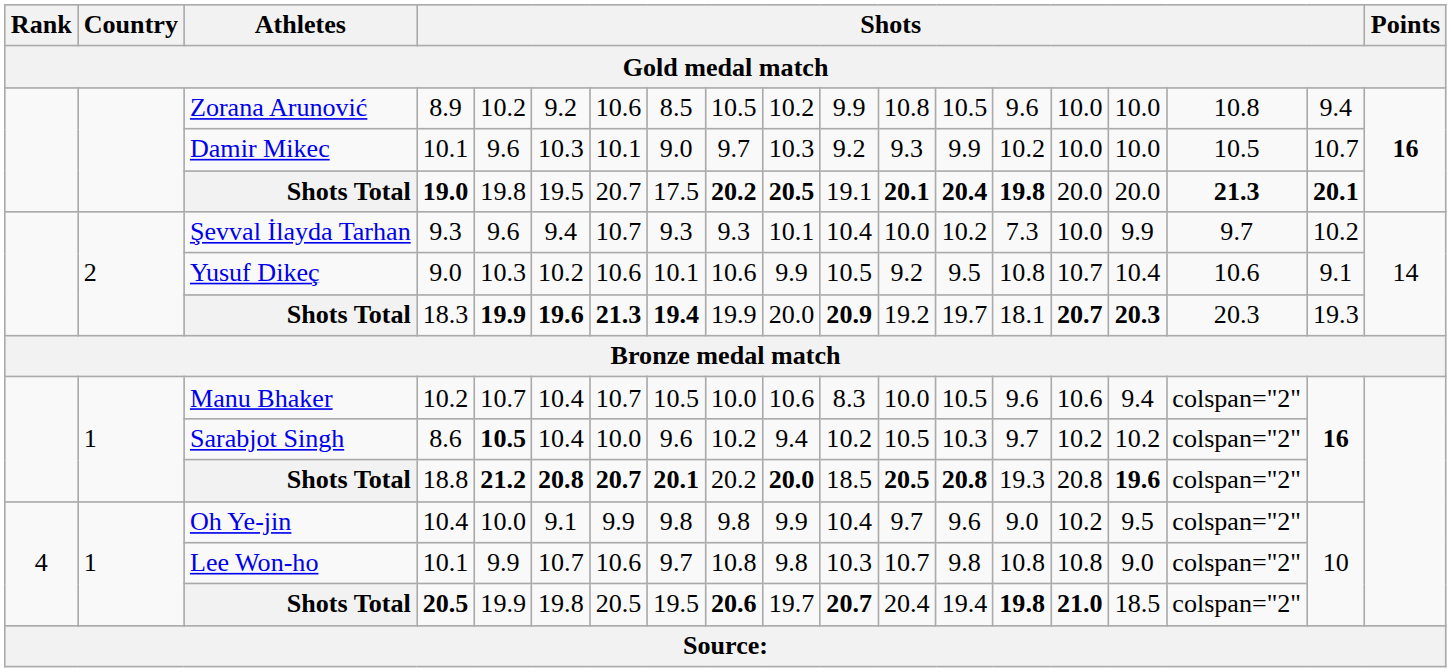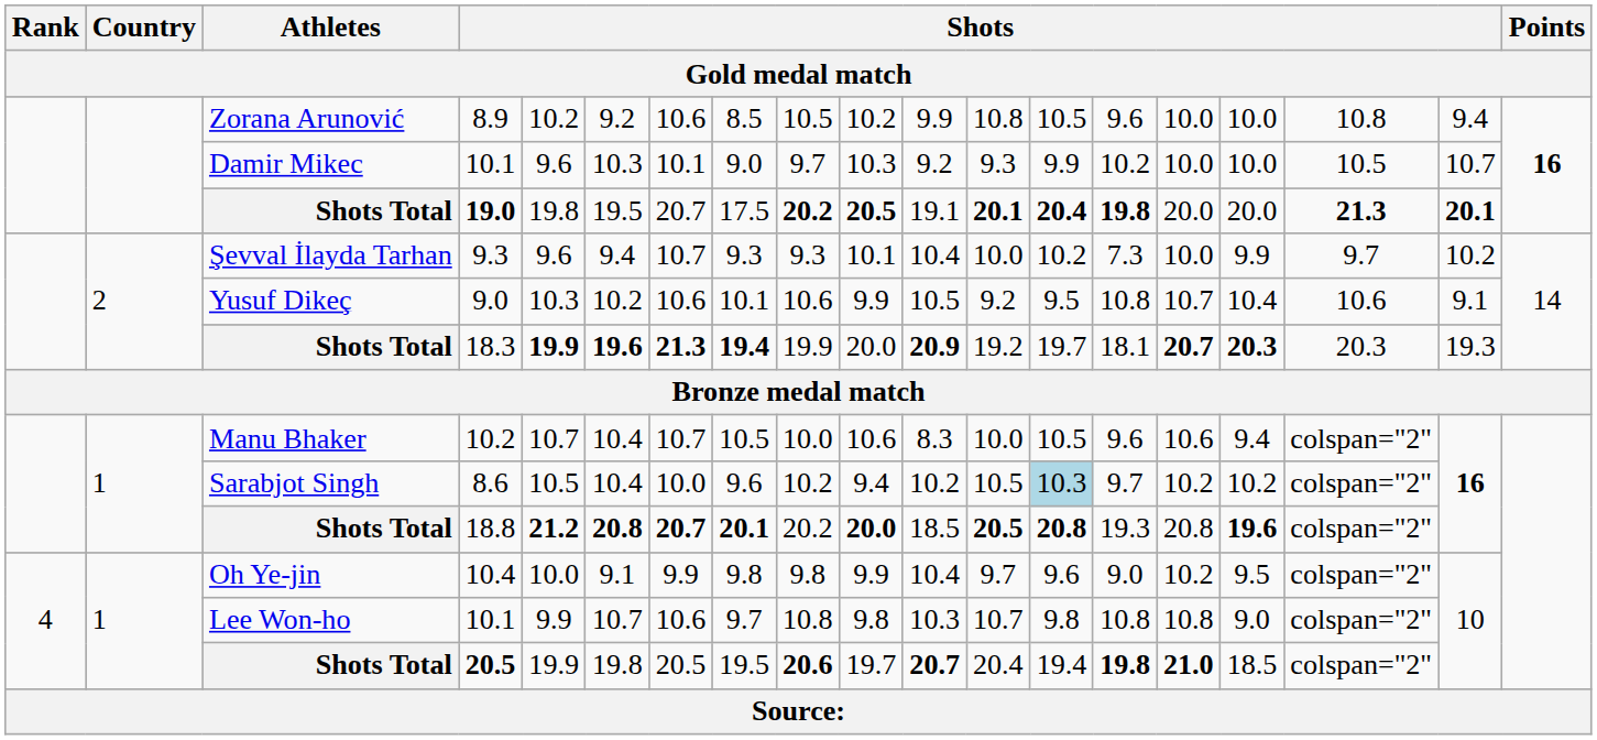 <table class="wikitable plainrowheaders" style="text-align:center">
 <tr>
 <th scope="col">Rank</th>
 <th scope="col">Country</th>
 <th scope="col">Athletes</th>
 <th scope="col" colspan="15">Shots</th>
 <th scope="col">Points</th>
 </tr>
 <tr>
 <th colspan="19">Gold medal match</th>
 </tr>
 <tr>
 <td rowspan="3"></td>
 <td rowspan="3" align="left"></td>
 <td align="left"><a href='#'>Zorana Arunović</a></td>
 <td>8.9</td>
 <td>10.2</td>
 <td>9.2</td>
 <td>10.6</td>
 <td>8.5</td>
 <td>10.5</td>
 <td>10.2</td>
 <td>9.9</td>
 <td>10.8</td>
 <td>10.5</td>
 <td>9.6</td>
 <td>10.0</td>
 <td>10.0</td>
 <td>10.8</td>
 <td>9.4</td>
 <td rowspan="3"><strong>16</strong></td>
 </tr>
 <tr>
 <td align="left"><a href='#'>Damir Mikec</a></td>
 <td>10.1</td>
 <td>9.6</td>
 <td>10.3</td>
 <td>10.1</td>
 <td>9.0</td>
 <td>9.7</td>
 <td>10.3</td>
 <td>9.2</td>
 <td>9.3</td>
 <td>9.9</td>
 <td>10.2</td>
 <td>10.0</td>
 <td>10.0</td>
 <td>10.5</td>
 <td>10.7</td>
 </tr>
 <tr>
 <th scope="row" style="text-align:right;">Shots Total</th>
 <td><strong>19.0</strong></td>
 <td>19.8</td>
 <td>19.5</td>
 <td>20.7</td>
 <td>17.5</td>
 <td><strong>20.2</strong></td>
 <td><strong>20.5</strong></td>
 <td>19.1</td>
 <td><strong>20.1</strong></td>
 <td><strong>20.4</strong></td>
 <td><strong>19.8</strong></td>
 <td>20.0</td>
 <td>20.0</td>
 <td><strong>21.3</strong></td>
 <td><strong>20.1</strong></td>
 </tr>
 <tr>
 <td rowspan="3"></td>
 <td rowspan="3" align="left"> 2</td>
 <td align="left"><a href='#'>Şevval İlayda Tarhan</a></td>
 <td>9.3</td>
 <td>9.6</td>
 <td>9.4</td>
 <td>10.7</td>
 <td>9.3</td>
 <td>9.3</td>
 <td>10.1</td>
 <td>10.4</td>
 <td>10.0</td>
 <td>10.2</td>
 <td>7.3</td>
 <td>10.0</td>
 <td>9.9</td>
 <td>9.7</td>
 <td>10.2</td>
 <td rowspan="3">14</td>
 </tr>
 <tr>
 <td align="left"><a href='#'>Yusuf Dikeç</a></td>
 <td>9.0</td>
 <td>10.3</td>
 <td>10.2</td>
 <td>10.6</td>
 <td>10.1</td>
 <td>10.6</td>
 <td>9.9</td>
 <td>10.5</td>
 <td>9.2</td>
 <td>9.5</td>
 <td>10.8</td>
 <td>10.7</td>
 <td>10.4</td>
 <td>10.6</td>
 <td>9.1</td>
 </tr>
 <tr>
 <th scope="row" style="text-align:right;">Shots Total</th>
 <td>18.3</td>
 <td><strong>19.9</strong></td>
 <td><strong>19.6</strong></td>
 <td><strong>21.3</strong></td>
 <td><strong>19.4</strong></td>
 <td>19.9</td>
 <td>20.0</td>
 <td><strong>20.9</strong></td>
 <td>19.2</td>
 <td>19.7</td>
 <td>18.1</td>
 <td><strong>20.7</strong></td>
 <td><strong>20.3</strong></td>
 <td>20.3</td>
 <td>19.3</td>
 </tr>
 <tr>
 <th colspan="19">Bronze medal match</th>
 </tr>
 <tr>
 <td rowspan="3"></td>
 <td rowspan="3" align="left"> 1</td>
 <td align="left"><a href='#'>Manu Bhaker</a></td>
 <td>10.2</td>
 <td>10.7</td>
 <td>10.4</td>
 <td>10.7</td>
 <td>10.5</td>
 <td>10.0</td>
 <td>10.6</td>
 <td>8.3</td>
 <td>10.0</td>
 <td>10.5</td>
 <td>9.6</td>
 <td>10.6</td>
 <td>9.4</td>
 <td>colspan="2" </td>
 <td rowspan="3"><strong>16</strong></td>
 </tr>
 <tr>
 <td align="left"><a href='#'>Sarabjot Singh</a></td>
 <td>8.6</td>
-<td><strong>10.5</strong></td>
+<td>10.5</td>
 <td>10.4</td>
 <td>10.0</td>
 <td>9.6</td>
 <td>10.2</td>
 <td>9.4</td>
 <td>10.2</td>
 <td>10.5</td>
-<td>10.3</td>
+<td style="background: lightblue;">10.3</td>
 <td>9.7</td>
 <td>10.2</td>
 <td>10.2</td>
 <td>colspan="2" </td>
 </tr>
 <tr>
 <th scope="row" style="text-align:right;">Shots Total</th>
 <td>18.8</td>
 <td><strong>21.2</strong></td>
 <td><strong>20.8</strong></td>
 <td><strong>20.7</strong></td>
 <td><strong>20.1</strong></td>
 <td>20.2</td>
 <td><strong>20.0</strong></td>
 <td>18.5</td>
 <td><strong>20.5</strong></td>
 <td><strong>20.8</strong></td>
 <td>19.3</td>
 <td>20.8</td>
 <td><strong>19.6</strong></td>
 <td>colspan="2" </td>
 </tr>
 <tr>
 <td rowspan="3">4</td>
 <td rowspan="3" align="left"> 1</td>
 <td align="left"><a href='#'>Oh Ye-jin</a></td>
 <td>10.4</td>
 <td>10.0</td>
 <td>9.1</td>
 <td>9.9</td>
 <td>9.8</td>
 <td>9.8</td>
 <td>9.9</td>
 <td>10.4</td>
 <td>9.7</td>
 <td>9.6</td>
 <td>9.0</td>
 <td>10.2</td>
 <td>9.5</td>
 <td>colspan="2" </td>
 <td rowspan="3">10</td>
 </tr>
 <tr>
 <td align="left"><a href='#'>Lee Won-ho</a></td>
 <td>10.1</td>
 <td>9.9</td>
 <td>10.7</td>
 <td>10.6</td>
 <td>9.7</td>
 <td>10.8</td>
 <td>9.8</td>
 <td>10.3</td>
 <td>10.7</td>
 <td>9.8</td>
 <td>10.8</td>
 <td>10.8</td>
 <td>9.0</td>
 <td>colspan="2" </td>
 </tr>
 <tr>
 <th scope="row" style="text-align:right;">Shots Total</th>
 <td><strong>20.5</strong></td>
 <td>19.9</td>
 <td>19.8</td>
 <td>20.5</td>
 <td>19.5</td>
 <td><strong>20.6</strong></td>
 <td>19.7</td>
 <td><strong>20.7</strong></td>
 <td>20.4</td>
 <td>19.4</td>
 <td><strong>19.8</strong></td>
 <td><strong>21.0</strong></td>
 <td>18.5</td>
 <td>colspan="2" </td>
 </tr>
 <tr>
 <th colspan="19">Source:</th>
 </tr>
 </table>
